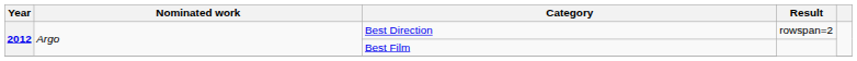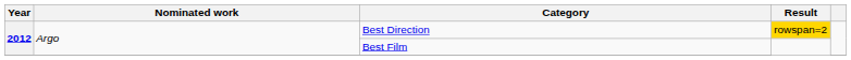 <table class="wikitable">
 <tr>
 <th scope="col" style="width:1em;">Year</th>
 <th scope="col" style="width:30em;">Nominated work</th>
 <th scope="col" style="width:38em;">Category</th>
 <th scope="col" style="width:5em;">Result</th>
 <th scope="col" style="width:1em;"></th>
 </tr>
 <tr>
 <th scope="row" rowspan=2><a href='#'>2012</a></th>
 <td rowspan=2><em>Argo</em></td>
 <td><a href='#'>Best Direction</a></td>
-<td>rowspan=2 </td>
+<td style="background: gold;">rowspan=2 </td>
 <td rowspan=2 style="text-align:center;"></td>
 </tr>
 <tr>
 <td><a href='#'>Best Film</a></td>
 </tr>
 <tr>
 </tr>
 </table>
